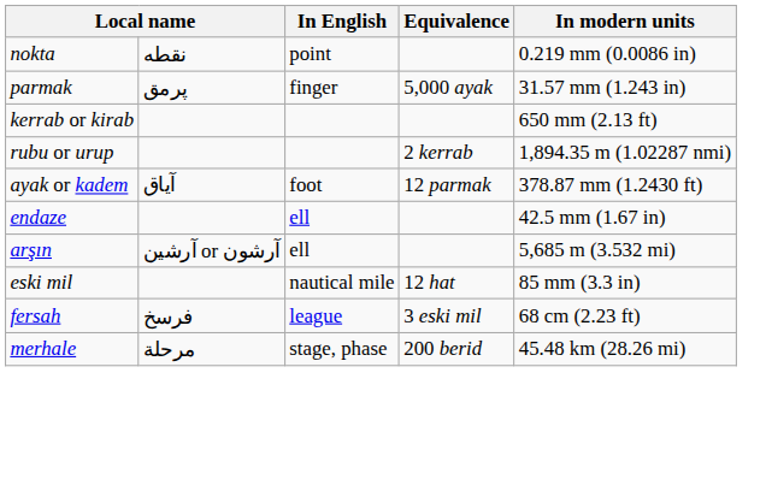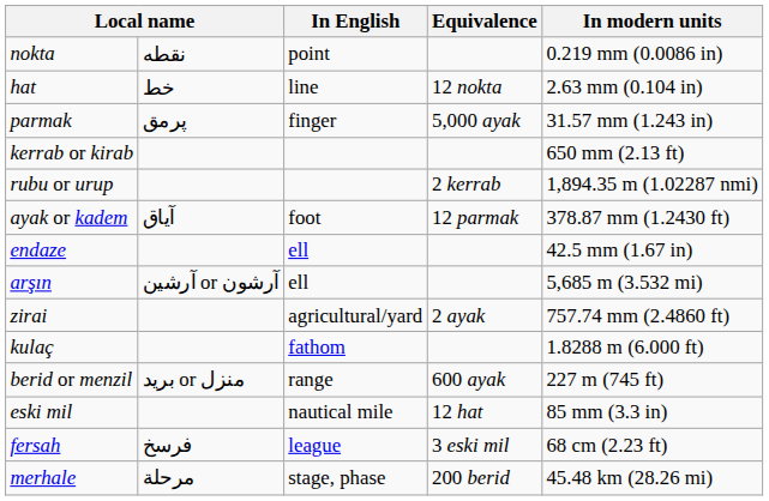 <table class="wikitable">
 <tr>
 <th colspan="2">Local name</th>
 <th>In English</th>
 <th>Equivalence</th>
 <th>In modern units</th>
 </tr>
 <tr>
 <td><em>nokta</em></td>
 <td>نقطه</td>
 <td>point</td>
 <td></td>
 <td>0.219 mm (0.0086 in)</td>
+</tr>
+<tr>
+<td><em>hat</em></td>
+<td>خط‎</td>
+<td>line</td>
+<td>12 <em>nokta</em></td>
+<td>2.63 mm (0.104 in)</td>
 </tr>
 <tr>
 <td><em>parmak</em></td>
 <td>پرمق</td>
 <td>finger</td>
 <td>5,000 <em>ayak</em></td>
 <td>31.57 mm (1.243 in)</td>
 </tr>
 <tr>
 <td><em>kerrab</em> or <em>kirab</em></td>
 <td></td>
 <td></td>
 <td></td>
 <td>650 mm (2.13 ft)</td>
 </tr>
 <tr>
 <td><em>rubu</em> or <em>urup</em></td>
 <td></td>
 <td></td>
 <td>2 <em>kerrab</em></td>
 <td>1,894.35 m (1.02287 nmi)</td>
 </tr>
 <tr>
 <td><em>ayak</em> or <em><a href='#'>kadem</a></em></td>
 <td>آیاق</td>
 <td>foot</td>
 <td>12 <em>parmak</em></td>
 <td>378.87 mm (1.2430 ft)</td>
 </tr>
 <tr>
 <td><em><a href='#'>endaze</a></em></td>
 <td></td>
 <td><a href='#'>ell</a></td>
 <td></td>
 <td>42.5 mm (1.67 in)</td>
 </tr>
 <tr>
 <td><em><a href='#'>arşın</a></em></td>
 <td>آرشين or آرشون</td>
 <td>ell</td>
 <td></td>
 <td>5,685 m (3.532 mi)</td>
 </tr>
 <tr>
+<td><em>zirai</em></td>
+<td></td>
+<td>agricultural/yard</td>
+<td>2 <em>ayak</em></td>
+<td>757.74 mm (2.4860 ft)</td>
+</tr>
+<tr>
+<td><em>kulaç</em></td>
+<td></td>
+<td><a href='#'>fathom</a></td>
+<td></td>
+<td>1.8288 m (6.000 ft)</td>
+</tr>
+<tr>
+<td><em>berid</em> or <em>menzil</em></td>
+<td>بريد or منزل</td>
+<td>range</td>
+<td>600 <em>ayak</em></td>
+<td>227 m (745 ft)</td>
+</tr>
+<tr>
 <td><em>eski mil</em></td>
 <td></td>
 <td>nautical mile</td>
 <td>12 <em>hat</em></td>
 <td>85 mm (3.3 in)</td>
 </tr>
 <tr>
 <td><em><a href='#'>fersah</a></em></td>
 <td>فرسخ</td>
 <td><a href='#'>league</a></td>
 <td>3 <em>eski mil</em></td>
 <td>68 cm (2.23 ft)</td>
 </tr>
 <tr>
 <td><em><a href='#'>merhale</a></em></td>
 <td>مرحلة</td>
 <td>stage, phase</td>
 <td>200 <em>berid</em></td>
 <td>45.48 km (28.26 mi)</td>
 </tr>
 </table>
